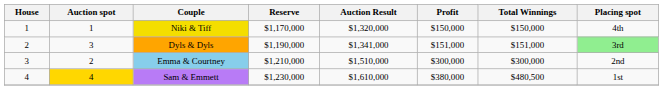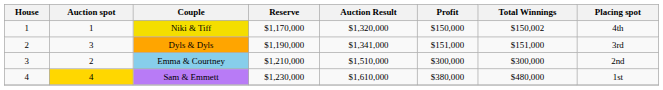 <table class="wikitable" style="text-align: center; font-size: 9pt; line-height:16px; width:70%" |>
 <tr>
 <th>House</th>
 <th>Auction spot</th>
 <th>Couple</th>
 <th>Reserve</th>
 <th>Auction Result</th>
 <th>Profit</th>
 <th>Total Winnings</th>
 <th>Placing spot</th>
 </tr>
 <tr>
 <td>1</td>
 <td style="text-align:center">1</td>
 <td style="background-color:#f4de00;">Niki & Tiff</td>
 <td style="text-align:center">$1,170,000</td>
 <td style="text-align:center">$1,320,000</td>
 <td style="text-align:center">$150,000</td>
-<td style="text-align:center">$150,000</td>
+<td style="text-align:center">$150,002</td>
 <td style="text-align:center">4th</td>
 </tr>
 <tr>
 <td>2</td>
 <td style="text-align:center">3</td>
 <td style="background-color:orange;">Dyls & Dyls</td>
 <td style="text-align:center">$1,190,000</td>
 <td style="text-align:center">$1,341,000</td>
 <td style="text-align:center">$151,000</td>
 <td style="text-align:center">$151,000</td>
-<td style="background: lightgreen; text-align:center">3rd</td>
+<td style="text-align:center">3rd</td>
 </tr>
 <tr>
 <td>3</td>
 <td style="text-align:center">2</td>
 <td style='background:skyblue;'>Emma & Courtney</td>
 <td style="text-align:center">$1,210,000</td>
 <td style="text-align:center">$1,510,000</td>
 <td style="text-align:center">$300,000</td>
 <td style="text-align:center">$300,000</td>
 <td style="text-align:center">2nd</td>
 </tr>
 <tr>
 <td>4</td>
 <td style="background: gold; text-align:center">4</td>
 <td style='background:#B87BF6;'>Sam & Emmett</td>
 <td style="text-align:center">$1,230,000</td>
 <td style="text-align:center">$1,610,000</td>
 <td style="text-align:center">$380,000</td>
-<td style="text-align:center">$480,500</td>
+<td style="text-align:center">$480,000</td>
 <td style="text-align:center">1st</td>
 </tr>
 <tr>
 </tr>
 </table>
